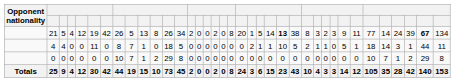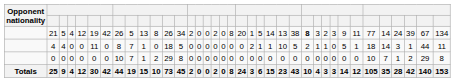 <table class="wikitable " style="text-align:center; font-size:80%">
 <tr>
 <th rowspan=2>Opponent<br>nationality</th>
 <th colspan=6></th>
 <th colspan=6></th>
 <th colspan=6></th>
 <th colspan=6></th>
 <th colspan=6></th>
 <th colspan=6></th>
 </tr>
 <tr>
 <th></th>
 <th></th>
 <th></th>
 <th></th>
 <th></th>
 <th></th>
 <th></th>
 <th></th>
 <th></th>
 <th></th>
 <th></th>
 <th></th>
 <th></th>
 <th></th>
 <th></th>
 <th></th>
 <th></th>
 <th></th>
 <th></th>
 <th></th>
 <th></th>
 <th></th>
 <th></th>
 <th></th>
 <th></th>
 <th></th>
 <th></th>
 <th></th>
 <th></th>
 <th></th>
 <th></th>
 <th></th>
 <th></th>
 <th></th>
 <th></th>
 <th></th>
 </tr>
 <tr>
 <td></td>
 <td>21</td>
 <td>5</td>
 <td>4</td>
 <td>12</td>
 <td>19</td>
 <td>42</td>
 <td>26</td>
 <td>5</td>
 <td>13</td>
 <td>8</td>
 <td>26</td>
 <td>34</td>
 <td>2</td>
 <td>0</td>
 <td>0</td>
 <td>2</td>
 <td>0</td>
 <td>8</td>
 <td>20</td>
 <td>1</td>
 <td>5</td>
 <td>14</td>
-<td><strong>13</strong></td>
+<td>13</td>
 <td>38</td>
-<td>8</td>
+<td><strong>8</strong></td>
 <td>3</td>
 <td>2</td>
 <td>3</td>
 <td>9</td>
 <td>11</td>
 <td>77</td>
 <td>14</td>
 <td>24</td>
 <td>39</td>
-<td><strong>67</strong></td>
+<td>67</td>
 <td>134</td>
 </tr>
 <tr>
 <td></td>
 <td>4</td>
 <td>4</td>
 <td>0</td>
 <td>0</td>
 <td>11</td>
 <td>0</td>
 <td>8</td>
 <td>7</td>
 <td>1</td>
 <td>0</td>
 <td>18</td>
 <td>5</td>
 <td>0</td>
 <td>0</td>
 <td>0</td>
 <td>0</td>
 <td>0</td>
 <td>0</td>
 <td>0</td>
 <td>2</td>
 <td>1</td>
 <td>1</td>
 <td>10</td>
 <td>5</td>
 <td>2</td>
 <td>1</td>
 <td>1</td>
 <td>0</td>
 <td>5</td>
 <td>1</td>
 <td>18</td>
 <td>14</td>
 <td>3</td>
 <td>1</td>
 <td>44</td>
 <td>11</td>
 </tr>
 <tr>
 <td></td>
 <td>0</td>
 <td>0</td>
 <td>0</td>
 <td>0</td>
 <td>0</td>
 <td>0</td>
 <td>10</td>
 <td>7</td>
 <td>1</td>
 <td>2</td>
 <td>29</td>
 <td>8</td>
 <td>0</td>
 <td>0</td>
 <td>0</td>
 <td>0</td>
 <td>0</td>
 <td>0</td>
 <td>0</td>
 <td>0</td>
 <td>0</td>
 <td>0</td>
 <td>0</td>
 <td>0</td>
 <td>0</td>
 <td>0</td>
 <td>0</td>
 <td>0</td>
 <td>0</td>
 <td>0</td>
 <td>10</td>
 <td>7</td>
 <td>1</td>
 <td>2</td>
 <td>29</td>
 <td>8</td>
 </tr>
 <tr>
 <th>Totals</th>
 <th>25</th>
 <th>9</th>
 <th>4</th>
 <th>12</th>
 <th>30</th>
 <th>42</th>
 <th>44</th>
 <th>19</th>
 <th>15</th>
 <th>10</th>
 <th>73</th>
 <th>45</th>
 <th>2</th>
 <th>0</th>
 <th>0</th>
 <th>2</th>
 <th>0</th>
 <th>8</th>
 <th>24</th>
 <th>3</th>
 <th>6</th>
 <th>15</th>
 <th>23</th>
 <th>43</th>
 <th>10</th>
 <th>4</th>
 <th>3</th>
 <th>3</th>
 <th>14</th>
 <th>12</th>
 <th>105</th>
 <th>35</th>
 <th>28</th>
 <th>42</th>
 <th>140</th>
 <th>153</th>
 </tr>
 </table>
